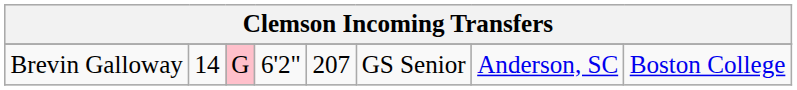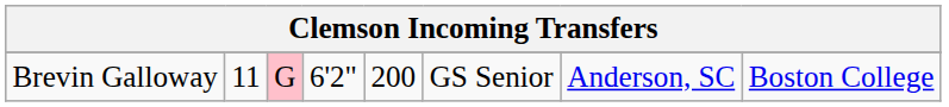 <table class="wikitable sortable" border="1" style="text-align: center;">
 <tr>
 <th colspan=8>Clemson Incoming Transfers</th>
 </tr>
 <tr align=center>
 </tr>
 <tr>
 <td>Brevin Galloway</td>
-<td>14</td>
+<td>11</td>
 <td style="background: pink;">G</td>
 <td>6'2"</td>
-<td>207</td>
+<td>200</td>
 <td>GS Senior</td>
 <td><a href='#'>Anderson, SC</a></td>
 <td><a href='#'>Boston College</a></td>
 </tr>
 </table>
